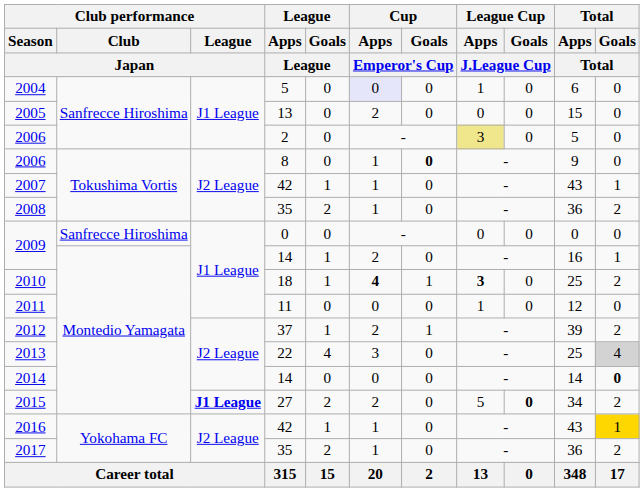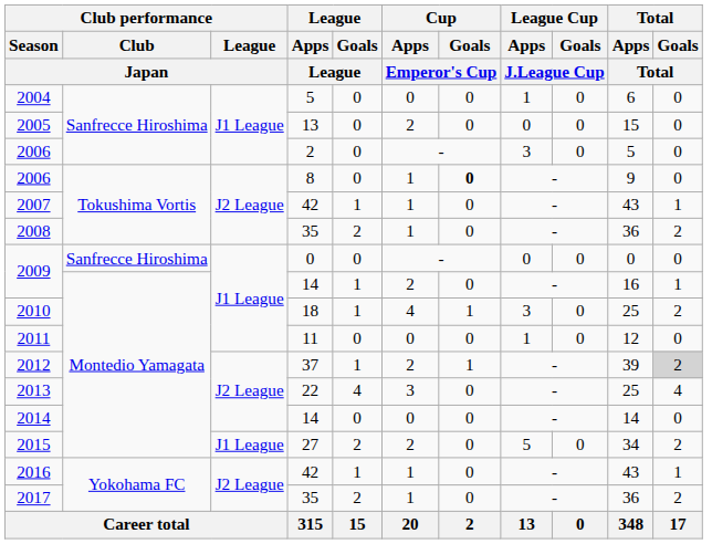 <table class="wikitable" style="text-align:center">
 <tr>
 <th colspan=3>Club performance</th>
 <th colspan=2>League</th>
 <th colspan=2>Cup</th>
 <th colspan=2>League Cup</th>
 <th colspan=2>Total</th>
 </tr>
 <tr>
 <th>Season</th>
 <th>Club</th>
 <th>League</th>
 <th>Apps</th>
 <th>Goals</th>
 <th>Apps</th>
 <th>Goals</th>
 <th>Apps</th>
 <th>Goals</th>
 <th>Apps</th>
 <th>Goals</th>
 </tr>
 <tr>
 <th colspan=3>Japan</th>
 <th colspan=2>League</th>
 <th colspan=2><a href='#'>Emperor's Cup</a></th>
 <th colspan=2><a href='#'>J.League Cup</a></th>
 <th colspan=2>Total</th>
 </tr>
 <tr>
 <td><a href='#'>2004</a></td>
 <td rowspan="3"><a href='#'>Sanfrecce Hiroshima</a></td>
 <td rowspan="3"><a href='#'>J1 League</a></td>
 <td>5</td>
 <td>0</td>
-<td style="background: lavender;">0</td>
+<td>0</td>
 <td>0</td>
 <td>1</td>
 <td>0</td>
 <td>6</td>
 <td>0</td>
 </tr>
 <tr>
 <td><a href='#'>2005</a></td>
 <td>13</td>
 <td>0</td>
 <td>2</td>
 <td>0</td>
 <td>0</td>
 <td>0</td>
 <td>15</td>
 <td>0</td>
 </tr>
 <tr>
 <td><a href='#'>2006</a></td>
 <td>2</td>
 <td>0</td>
 <td colspan="2">-</td>
-<td style="background: khaki;">3</td>
+<td>3</td>
 <td>0</td>
 <td>5</td>
 <td>0</td>
 </tr>
 <tr>
 <td><a href='#'>2006</a></td>
 <td rowspan="3"><a href='#'>Tokushima Vortis</a></td>
 <td rowspan="3"><a href='#'>J2 League</a></td>
 <td>8</td>
 <td>0</td>
 <td>1</td>
 <td><strong>0</strong></td>
 <td colspan="2">-</td>
 <td>9</td>
 <td>0</td>
 </tr>
 <tr>
 <td><a href='#'>2007</a></td>
 <td>42</td>
 <td>1</td>
 <td>1</td>
 <td>0</td>
 <td colspan="2">-</td>
 <td>43</td>
 <td>1</td>
 </tr>
 <tr>
 <td><a href='#'>2008</a></td>
 <td>35</td>
 <td>2</td>
 <td>1</td>
 <td>0</td>
 <td colspan="2">-</td>
 <td>36</td>
 <td>2</td>
 </tr>
 <tr>
 <td rowspan="2"><a href='#'>2009</a></td>
 <td><a href='#'>Sanfrecce Hiroshima</a></td>
 <td rowspan="4"><a href='#'>J1 League</a></td>
 <td>0</td>
 <td>0</td>
 <td colspan="2">-</td>
 <td>0</td>
 <td>0</td>
 <td>0</td>
 <td>0</td>
 </tr>
 <tr>
 <td rowspan="7"><a href='#'>Montedio Yamagata</a></td>
 <td>14</td>
 <td>1</td>
 <td>2</td>
 <td>0</td>
 <td colspan="2">-</td>
 <td>16</td>
 <td>1</td>
 </tr>
 <tr>
 <td><a href='#'>2010</a></td>
 <td>18</td>
 <td>1</td>
-<td><strong>4</strong></td>
+<td>4</td>
 <td>1</td>
-<td><strong>3</strong></td>
+<td>3</td>
 <td>0</td>
 <td>25</td>
 <td>2</td>
 </tr>
 <tr>
 <td><a href='#'>2011</a></td>
 <td>11</td>
 <td>0</td>
 <td>0</td>
 <td>0</td>
 <td>1</td>
 <td>0</td>
 <td>12</td>
 <td>0</td>
 </tr>
 <tr>
 <td><a href='#'>2012</a></td>
 <td rowspan="3"><a href='#'>J2 League</a></td>
 <td>37</td>
 <td>1</td>
 <td>2</td>
 <td>1</td>
 <td colspan="2">-</td>
 <td>39</td>
-<td>2</td>
+<td style="background: lightgrey;">2</td>
 </tr>
 <tr>
 <td><a href='#'>2013</a></td>
 <td>22</td>
 <td>4</td>
 <td>3</td>
 <td>0</td>
 <td colspan="2">-</td>
 <td>25</td>
-<td style="background: lightgrey;">4</td>
+<td>4</td>
 </tr>
 <tr>
 <td><a href='#'>2014</a></td>
 <td>14</td>
 <td>0</td>
 <td>0</td>
 <td>0</td>
 <td colspan="2">-</td>
 <td>14</td>
-<td><strong>0</strong></td>
+<td>0</td>
 </tr>
 <tr>
 <td><a href='#'>2015</a></td>
-<td><strong><a href='#'>J1 League</a></strong></td>
+<td><a href='#'>J1 League</a></td>
 <td>27</td>
 <td>2</td>
 <td>2</td>
 <td>0</td>
 <td>5</td>
-<td><strong>0</strong></td>
+<td>0</td>
 <td>34</td>
 <td>2</td>
 </tr>
 <tr>
 <td><a href='#'>2016</a></td>
 <td rowspan="2"><a href='#'>Yokohama FC</a></td>
 <td rowspan="2"><a href='#'>J2 League</a></td>
 <td>42</td>
 <td>1</td>
 <td>1</td>
 <td>0</td>
 <td colspan="2">-</td>
 <td>43</td>
-<td style="background: gold;">1</td>
+<td>1</td>
 </tr>
 <tr>
 <td><a href='#'>2017</a></td>
 <td>35</td>
 <td>2</td>
 <td>1</td>
 <td>0</td>
 <td colspan="2">-</td>
 <td>36</td>
 <td>2</td>
 </tr>
 <tr>
 <th colspan=3>Career total</th>
 <th>315</th>
 <th>15</th>
 <th>20</th>
 <th>2</th>
 <th>13</th>
 <th>0</th>
 <th>348</th>
 <th>17</th>
 </tr>
 </table>
